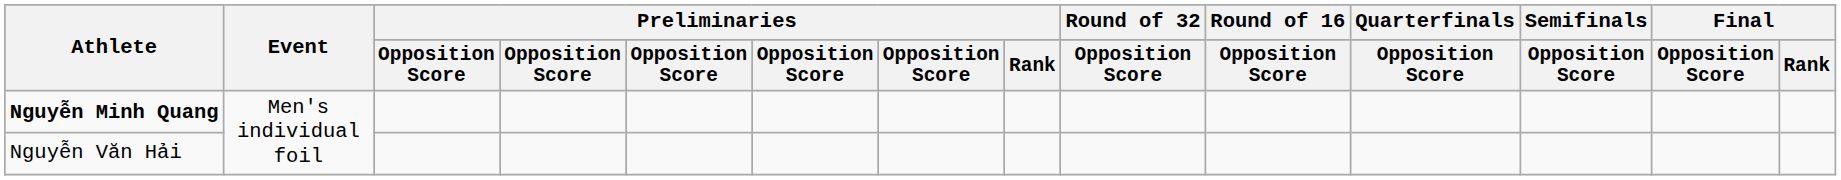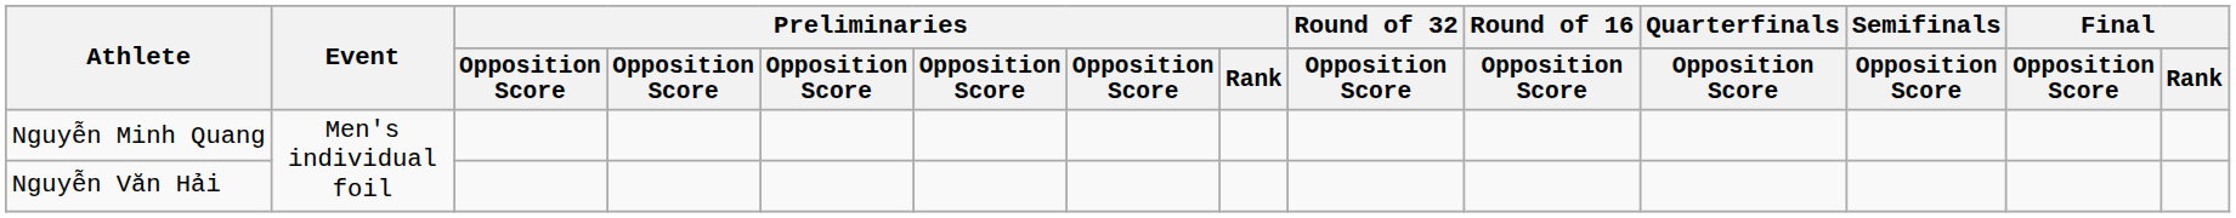 <table class=wikitable style="text-align:center; font-size:90%">
 <tr>
 <th rowspan="2">Athlete</th>
 <th rowspan="2" width="80px">Event</th>
 <th colspan="6">Preliminaries</th>
 <th>Round of 32</th>
 <th>Round of 16</th>
 <th>Quarterfinals</th>
 <th>Semifinals</th>
 <th colspan="2">Final</th>
 </tr>
 <tr style="font-size:95%">
 <th>Opposition<br>Score</th>
 <th>Opposition<br>Score</th>
 <th>Opposition<br>Score</th>
 <th>Opposition<br>Score</th>
 <th>Opposition<br>Score</th>
 <th>Rank</th>
 <th>Opposition<br>Score</th>
 <th>Opposition<br>Score</th>
 <th>Opposition<br>Score</th>
 <th>Opposition<br>Score</th>
 <th>Opposition<br>Score</th>
 <th>Rank</th>
 </tr>
 <tr>
-<td align=left><strong>Nguyễn Minh Quang</strong></td>
+<td align=left>Nguyễn Minh Quang</td>
 <td rowspan="2">Men's individual foil</td>
 <td></td>
 <td></td>
 <td></td>
 <td></td>
 <td></td>
 <td></td>
 <td></td>
 <td></td>
 <td></td>
 <td></td>
 <td></td>
 <td></td>
 </tr>
 <tr>
 <td align=left>Nguyễn Văn Hải</td>
 <td></td>
 <td></td>
 <td></td>
 <td></td>
 <td></td>
 <td></td>
 <td></td>
 <td></td>
 <td></td>
 <td></td>
 <td></td>
 <td></td>
 </tr>
 </table>
